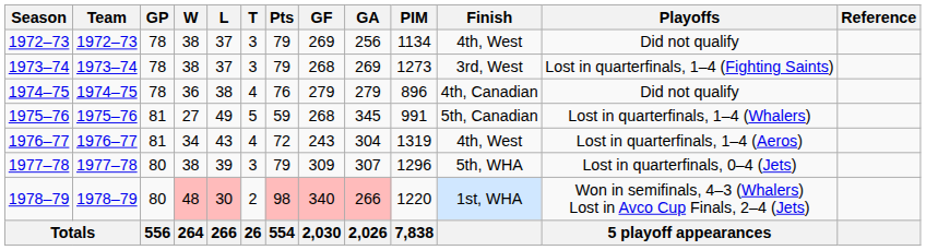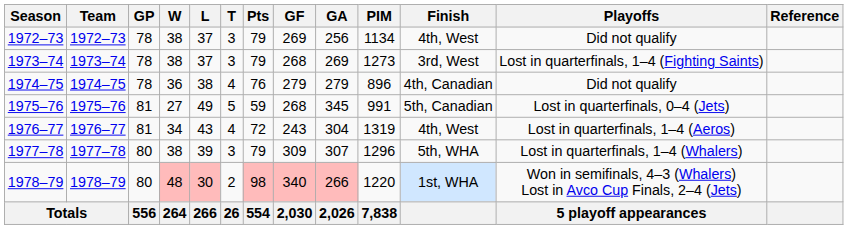 <table class="wikitable" style="text-align:center; font-size: 95%">
 <tr>
 <th>Season</th>
 <th>Team</th>
 <th>GP</th>
 <th>W</th>
 <th>L</th>
 <th>T</th>
 <th>Pts</th>
 <th>GF</th>
 <th>GA</th>
 <th>PIM</th>
 <th>Finish</th>
 <th>Playoffs</th>
 <th>Reference</th>
 </tr>
 <tr>
 <td><a href='#'>1972–73</a></td>
 <td><a href='#'>1972–73</a></td>
 <td>78</td>
 <td>38</td>
 <td>37</td>
 <td>3</td>
 <td>79</td>
 <td>269</td>
 <td>256</td>
 <td>1134</td>
 <td>4th, West</td>
 <td>Did not qualify</td>
 <td align=center></td>
 </tr>
 <tr>
 <td><a href='#'>1973–74</a></td>
 <td><a href='#'>1973–74</a></td>
 <td>78</td>
 <td>38</td>
 <td>37</td>
 <td>3</td>
 <td>79</td>
 <td>268</td>
 <td>269</td>
 <td>1273</td>
 <td>3rd, West</td>
 <td>Lost in quarterfinals, 1–4 (<a href='#'>Fighting Saints</a>)</td>
 <td align=center></td>
 </tr>
 <tr>
 <td><a href='#'>1974–75</a></td>
 <td><a href='#'>1974–75</a></td>
 <td>78</td>
 <td>36</td>
 <td>38</td>
 <td>4</td>
 <td>76</td>
 <td>279</td>
 <td>279</td>
 <td>896</td>
 <td>4th, Canadian</td>
 <td>Did not qualify</td>
 <td align=center></td>
 </tr>
 <tr>
 <td><a href='#'>1975–76</a></td>
 <td><a href='#'>1975–76</a></td>
 <td>81</td>
 <td>27</td>
 <td>49</td>
 <td>5</td>
 <td>59</td>
 <td>268</td>
 <td>345</td>
 <td>991</td>
 <td>5th, Canadian</td>
-<td>Lost in quarterfinals, 1–4 (<a href='#'>Whalers</a>)</td>
+<td>Lost in quarterfinals, 0–4 (<a href='#'>Jets</a>)</td>
 <td align=center></td>
 </tr>
 <tr>
 <td><a href='#'>1976–77</a></td>
 <td><a href='#'>1976–77</a></td>
 <td>81</td>
 <td>34</td>
 <td>43</td>
 <td>4</td>
 <td>72</td>
 <td>243</td>
 <td>304</td>
 <td>1319</td>
 <td>4th, West</td>
 <td>Lost in quarterfinals, 1–4 (<a href='#'>Aeros</a>)</td>
 <td align=center></td>
 </tr>
 <tr>
 <td><a href='#'>1977–78</a></td>
 <td><a href='#'>1977–78</a></td>
 <td>80</td>
 <td>38</td>
 <td>39</td>
 <td>3</td>
 <td>79</td>
 <td>309</td>
 <td>307</td>
 <td>1296</td>
 <td>5th, WHA</td>
-<td>Lost in quarterfinals, 0–4 (<a href='#'>Jets</a>)</td>
+<td>Lost in quarterfinals, 1–4 (<a href='#'>Whalers</a>)</td>
 <td align=center></td>
 </tr>
 <tr>
 <td><a href='#'>1978–79</a></td>
 <td><a href='#'>1978–79</a></td>
 <td>80</td>
 <td style="background: #ffbbbb;">48</td>
 <td style="background: #ffbbbb;">30</td>
 <td>2</td>
 <td style="background: #ffbbbb;">98</td>
 <td style="background: #ffbbbb;">340</td>
 <td style="background: #ffbbbb;">266</td>
 <td>1220</td>
 <td style="background: #d0e7ff;">1st, WHA</td>
 <td>Won in semifinals, 4–3 (<a href='#'>Whalers</a>)<br>Lost in <a href='#'>Avco Cup</a> Finals, 2–4 (<a href='#'>Jets</a>)</td>
 <td align=center></td>
 </tr>
 <tr>
 <th colspan="2">Totals</th>
 <th>556</th>
 <th>264</th>
 <th>266</th>
 <th>26</th>
 <th>554</th>
 <th>2,030</th>
 <th>2,026</th>
 <th>7,838</th>
 <th> </th>
 <th>5 playoff appearances</th>
 <th> </th>
 </tr>
 </table>
